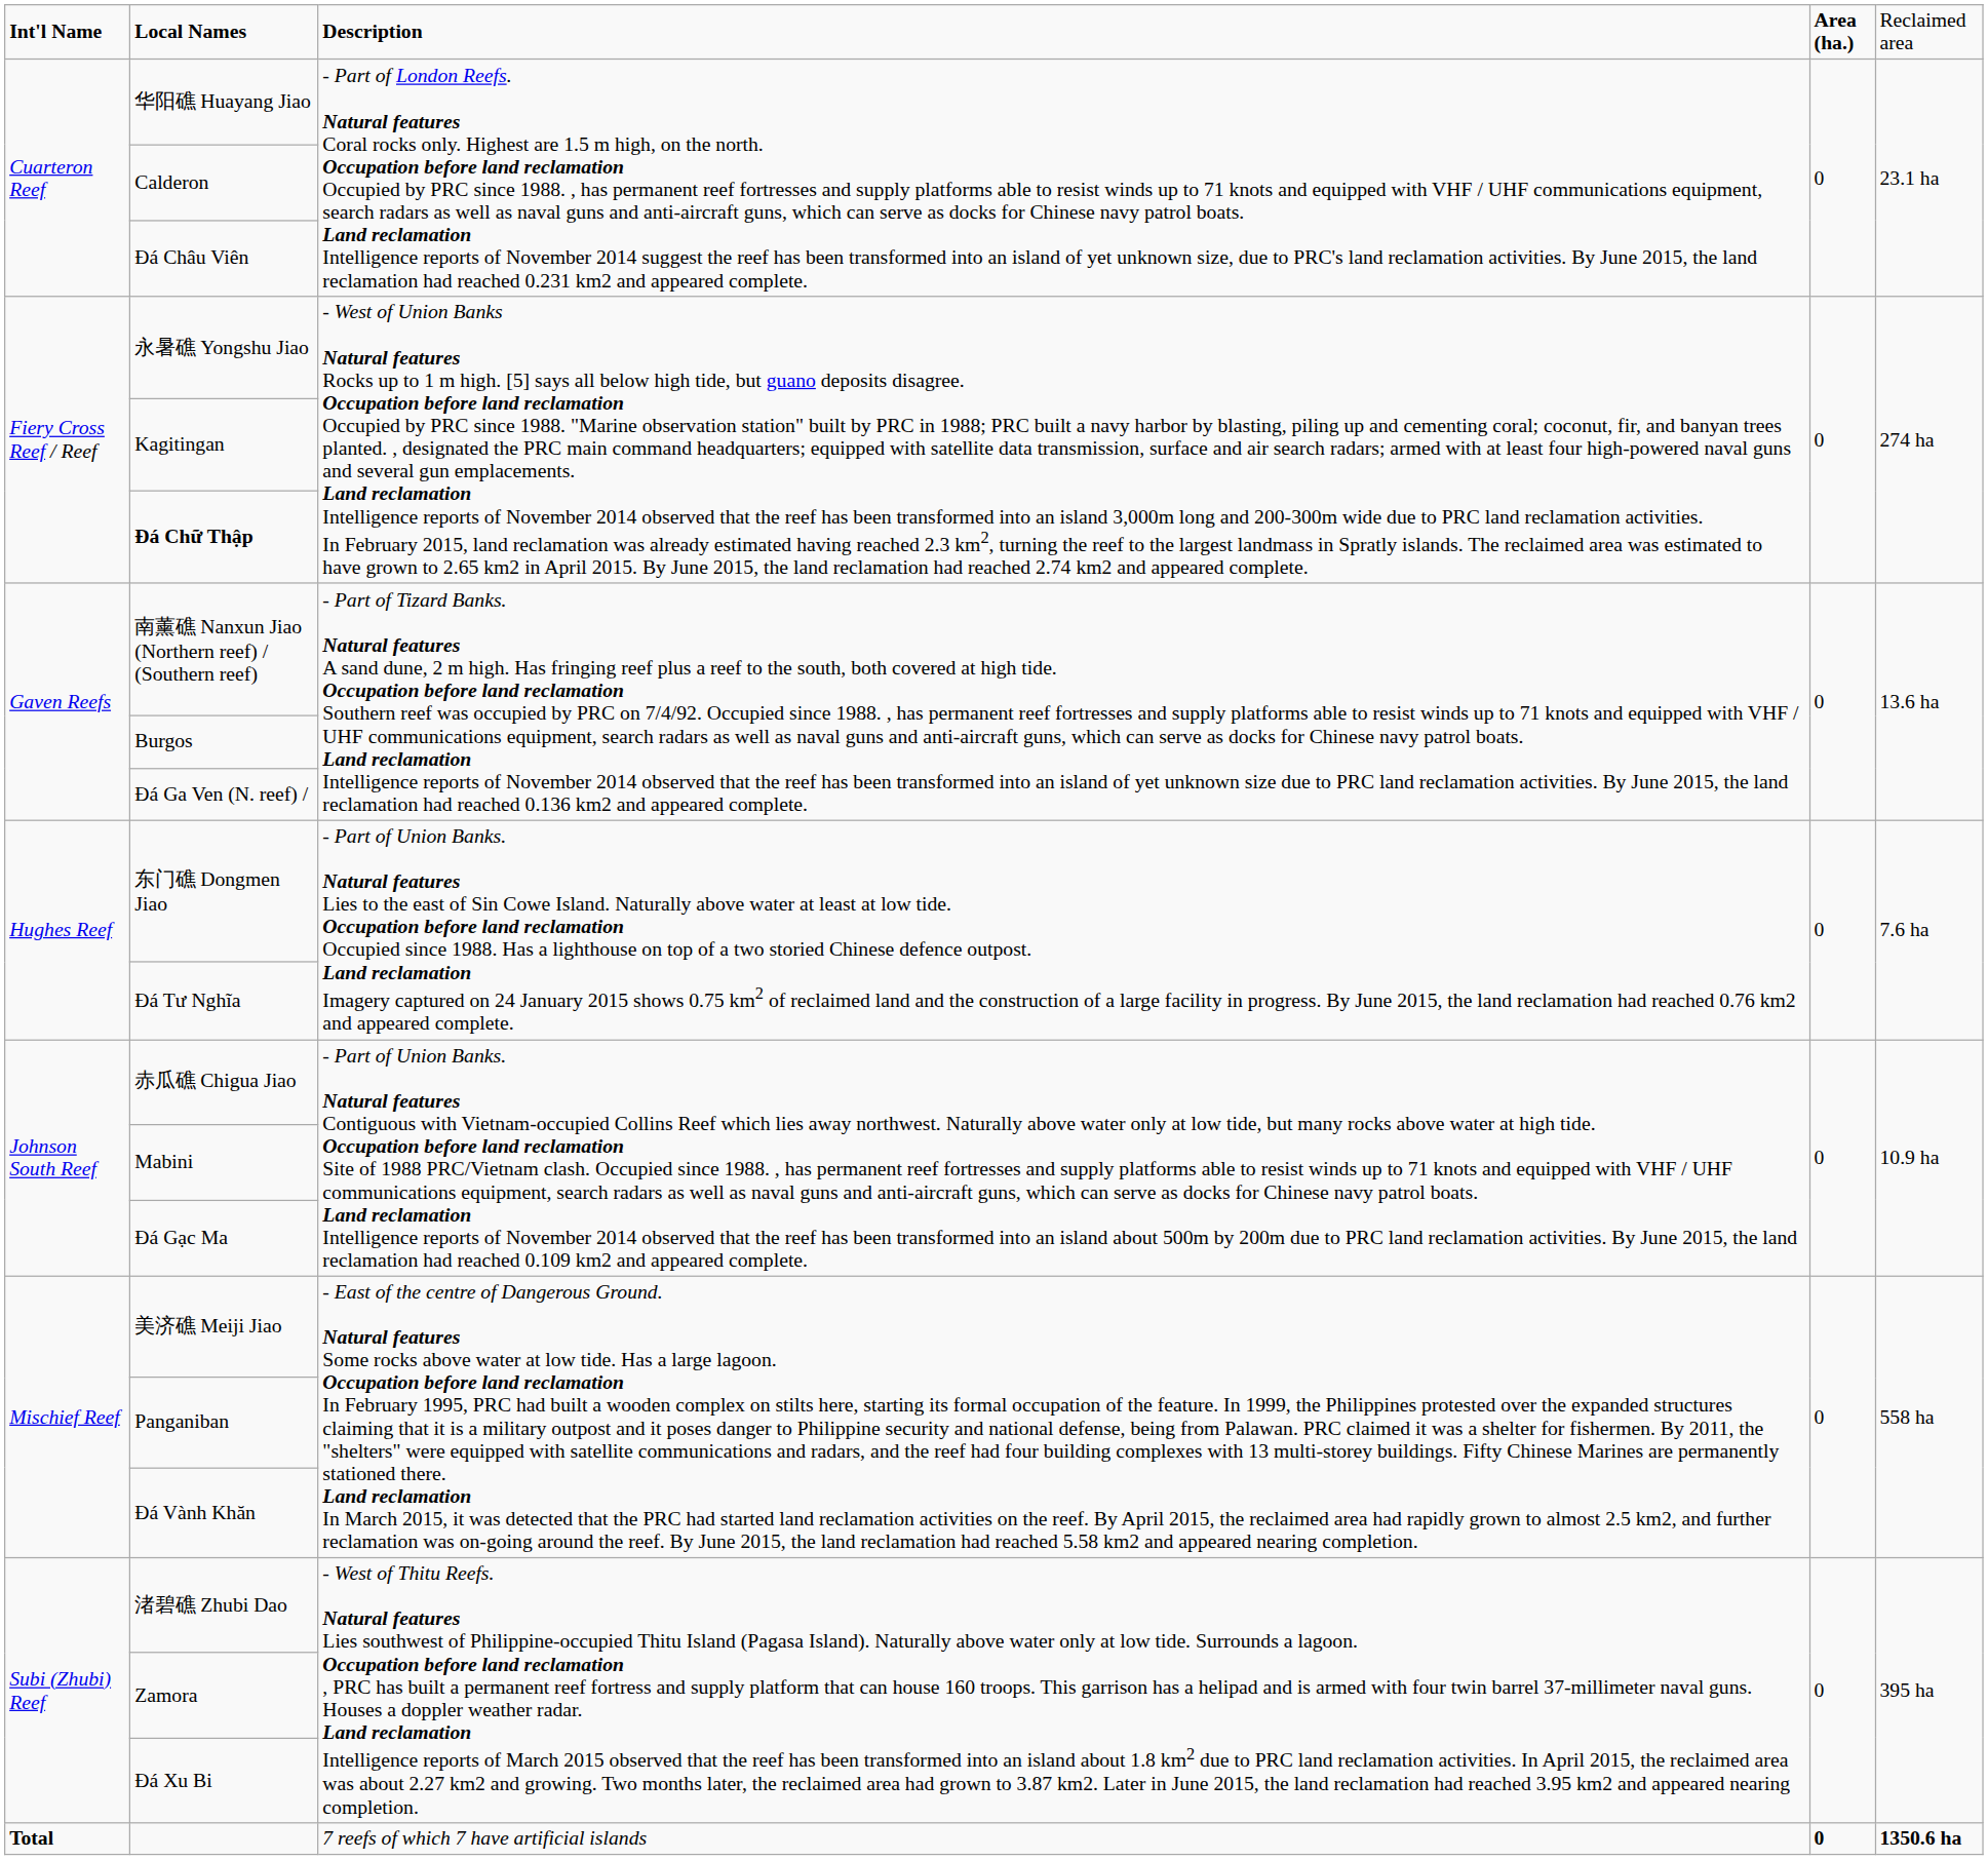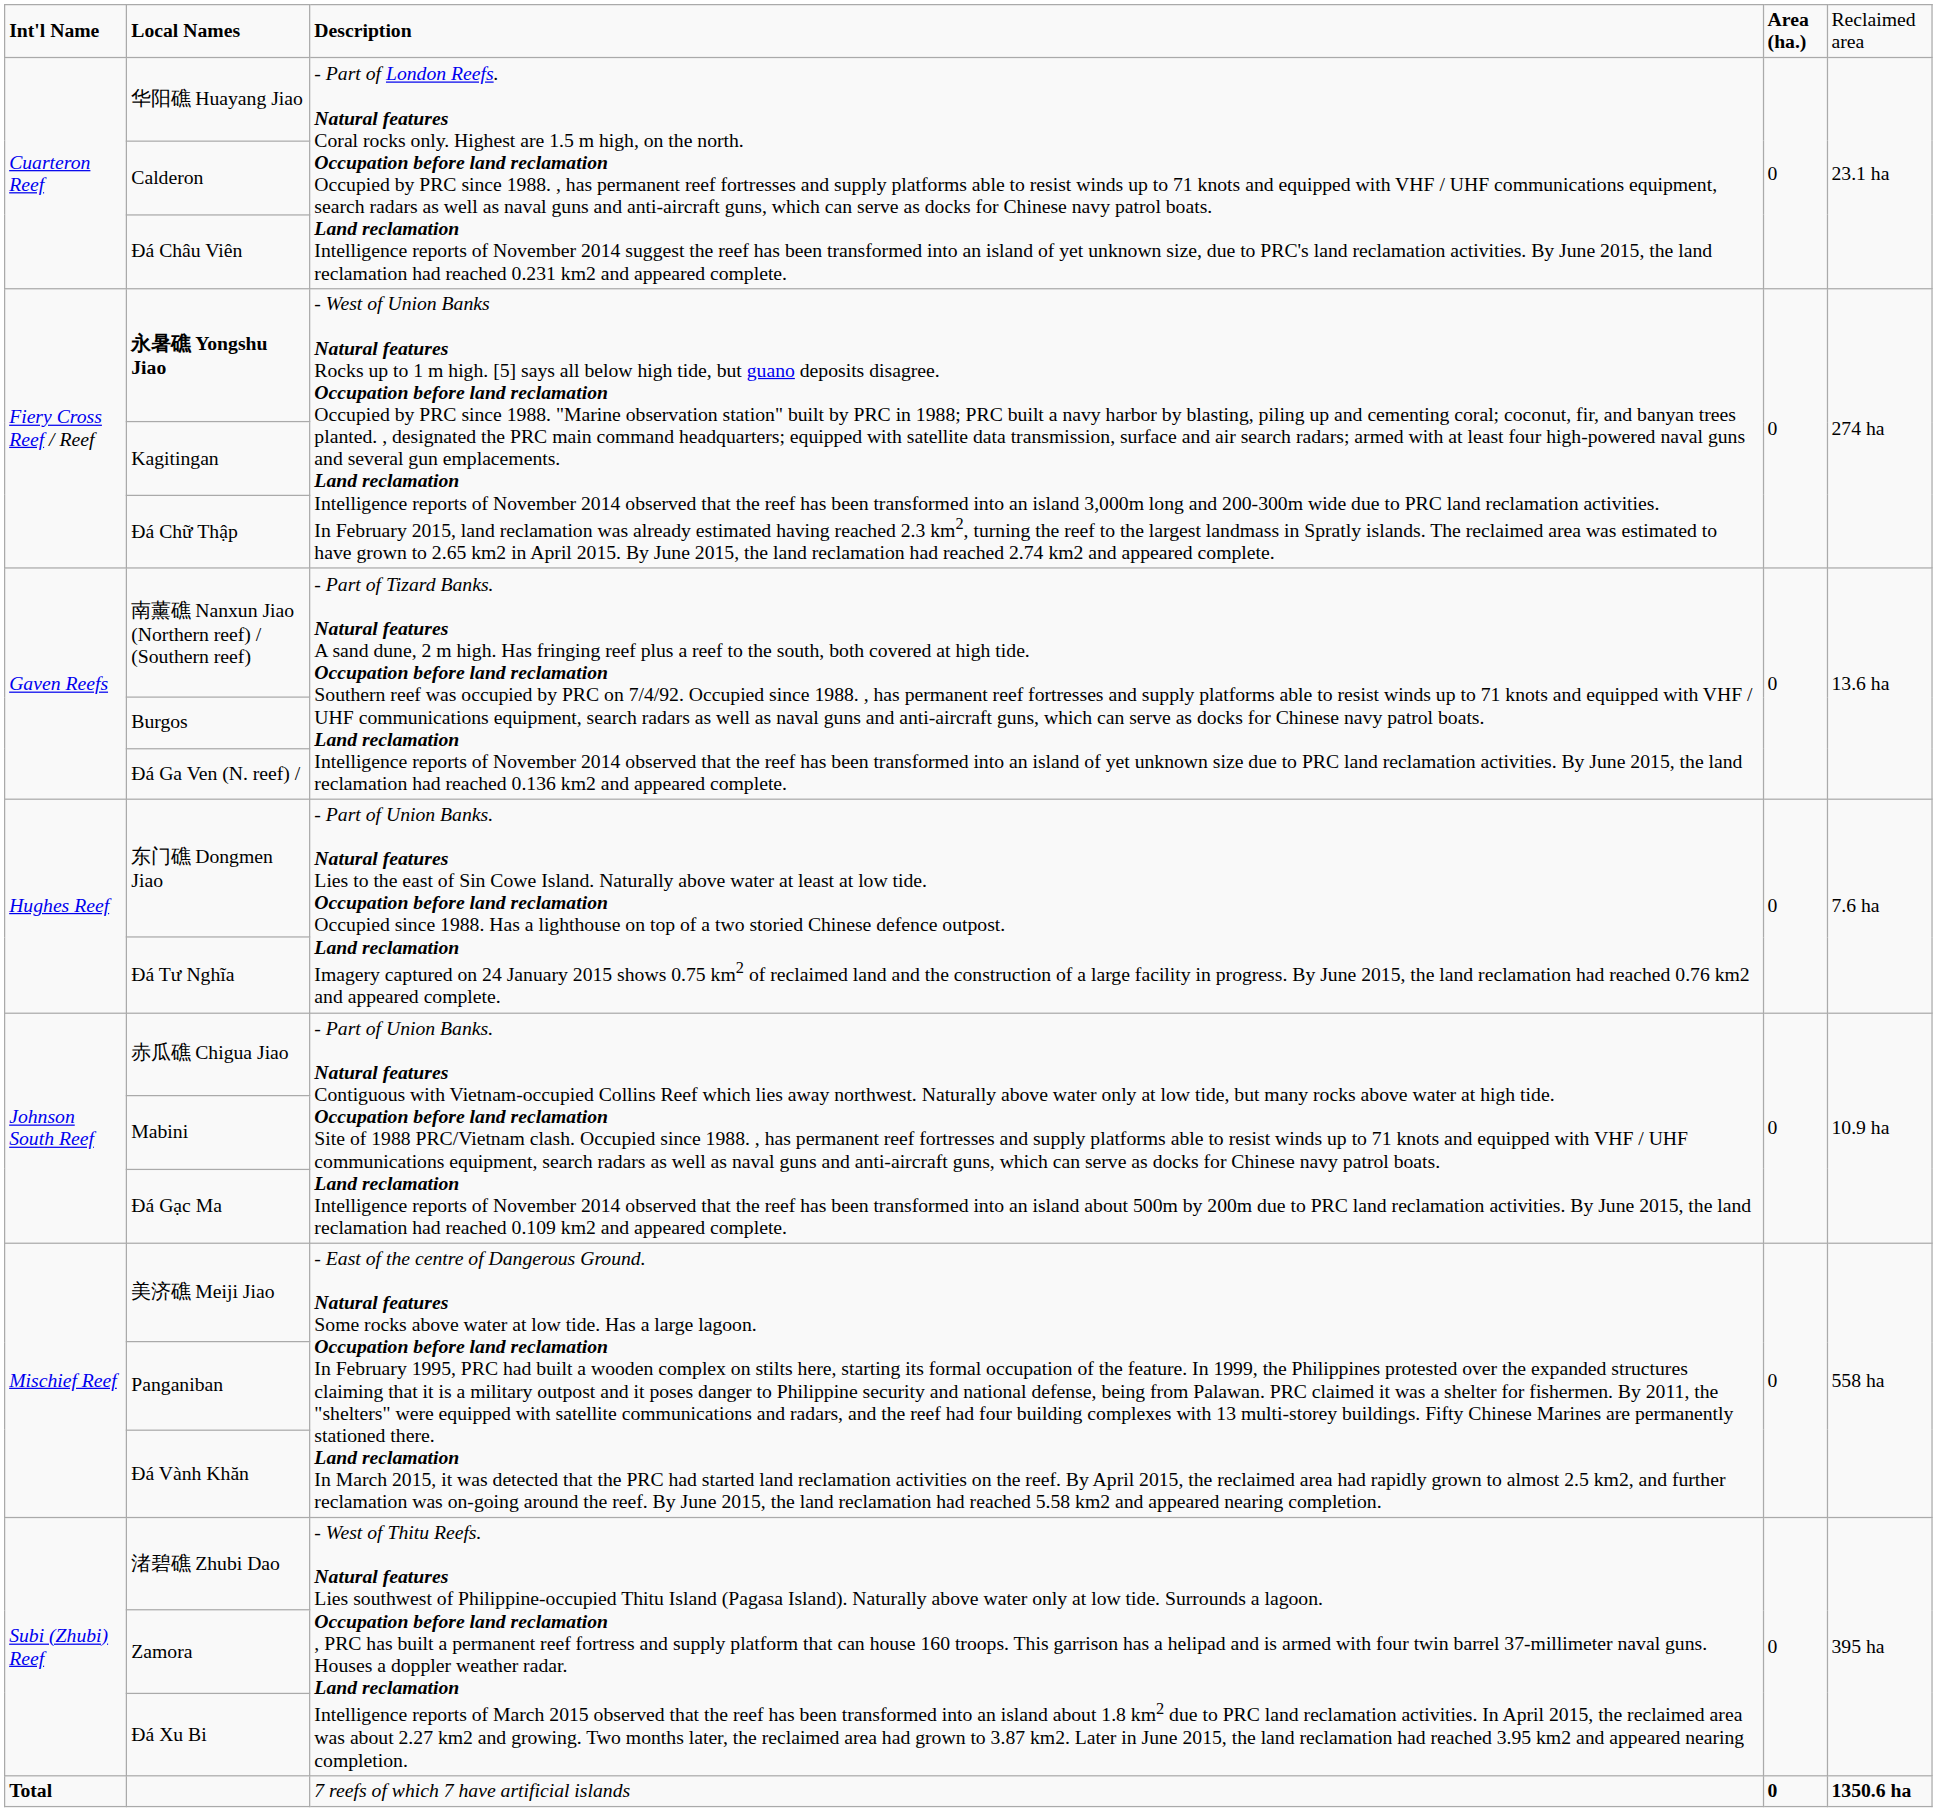 <table class="wikitable">
 <tr>
 <td><strong>Int'l Name</strong></td>
 <td><strong>Local Names</strong></td>
 <td><strong>Description</strong></td>
 <td><strong>Area (ha.)</strong></td>
 <td>Reclaimed area</td>
 </tr>
 <tr>
 <td rowspan="3"><em><a href='#'>Cuarteron Reef</a></em></td>
 <td> 华阳礁 Huayang Jiao</td>
 <td rowspan="3"> - <em>Part of <a href='#'>London Reefs</a>.</em><br><br><strong><em>Natural features</em></strong><br> Coral rocks only. Highest are 1.5 m high, on the north.<br> <strong><em>Occupation before land reclamation</em></strong><br> Occupied by PRC since 1988. , has permanent reef fortresses and supply platforms able to resist winds up to 71 knots and equipped with VHF / UHF communications equipment, search radars as well as naval guns and anti-aircraft guns, which can serve as docks for Chinese navy patrol boats.<br> <strong><em>Land reclamation</em></strong><br> Intelligence reports of November 2014 suggest the reef has been transformed into an island of yet unknown size, due to PRC's land reclamation activities. By June 2015, the land reclamation had reached 0.231 km2 and appeared complete.</td>
 <td rowspan="3">0</td>
 <td rowspan="3">23.1 ha</td>
 </tr>
 <tr>
 <td> Calderon</td>
 </tr>
 <tr>
 <td> Đá Châu Viên</td>
 </tr>
 <tr>
 <td rowspan="3"><em><a href='#'>Fiery Cross Reef</a> /  Reef</em></td>
-<td> 永暑礁 Yongshu Jiao</td>
+<td><strong> 永暑礁 Yongshu Jiao</strong></td>
 <td rowspan="3"> - <em>West of Union Banks</em><br><br><strong><em>Natural features</em></strong><br> Rocks up to 1 m high. [5] says all below high tide, but <a href='#'>guano</a> deposits disagree. <br> <strong><em>Occupation before land reclamation</em></strong><br> Occupied  by PRC since 1988. "Marine observation station" built by PRC in 1988; PRC built a navy harbor by blasting, piling up and cementing coral; coconut, fir, and banyan trees planted. , designated the PRC main command headquarters; equipped with satellite data transmission, surface and air search radars; armed with at least four high-powered naval guns and several gun emplacements.<br> <strong><em>Land reclamation</em></strong><br> Intelligence reports of November 2014 observed that the reef has been transformed into an island 3,000m long and 200-300m wide due to PRC land reclamation activities.<br> In February 2015, land reclamation was already estimated having reached 2.3 km<sup>2</sup>, turning the reef to the largest landmass in Spratly islands. The reclaimed area was estimated to have grown to 2.65 km2 in April 2015. By June 2015, the land reclamation had reached 2.74 km2 and appeared complete.</td>
 <td rowspan="3">0</td>
 <td rowspan="3">274 ha</td>
 </tr>
 <tr>
 <td> Kagitingan</td>
 </tr>
 <tr>
-<td><strong> Đá Chữ Thập</strong></td>
+<td> Đá Chữ Thập</td>
 </tr>
 <tr>
 <td rowspan="3"><em><a href='#'>Gaven Reefs</a></em></td>
 <td> 南薰礁 Nanxun Jiao (Northern reef) / <br>(Southern reef)</td>
 <td rowspan="3"> - <em>Part of Tizard Banks.</em><br><br><strong><em>Natural features</em></strong><br> A sand dune, 2 m high. Has fringing reef plus a reef  to the south, both covered at high tide.<br> <strong><em>Occupation before land reclamation</em></strong><br> Southern reef was occupied by PRC on 7/4/92. Occupied since 1988. , has permanent reef fortresses and supply platforms able to resist winds up to 71 knots and equipped with VHF / UHF communications equipment, search radars as well as naval guns and anti-aircraft guns, which can serve as docks for Chinese navy patrol boats. <br> <strong><em>Land reclamation</em></strong><br> Intelligence reports of November 2014 observed that the reef has been transformed into an island of yet unknown size due to PRC land reclamation activities. By June 2015, the land reclamation had reached 0.136 km2 and appeared complete.</td>
 <td rowspan="3">0</td>
 <td rowspan="3">13.6 ha</td>
 </tr>
 <tr>
 <td> Burgos</td>
 </tr>
 <tr>
 <td> Đá Ga Ven (N. reef) / </td>
 </tr>
 <tr>
 <td rowspan="2"><em><a href='#'>Hughes Reef</a></em></td>
 <td> 东门礁 Dongmen Jiao</td>
 <td rowspan="2"> - <em>Part of Union Banks.</em><br><br><strong><em>Natural features</em></strong><br> Lies  to the east of Sin Cowe Island. Naturally above water at least at low tide.<br> <strong><em>Occupation before land reclamation</em></strong><br> Occupied since 1988. Has a lighthouse on top of a two storied Chinese defence outpost.<br> <strong><em>Land reclamation</em></strong><br> Imagery captured on 24 January 2015 shows 0.75 km<sup>2</sup> of reclaimed land and the construction of a large facility in progress. By June 2015, the land reclamation had reached 0.76 km2 and appeared complete.</td>
 <td rowspan="2">0</td>
 <td rowspan="2">7.6 ha</td>
 </tr>
 <tr>
 <td> Đá Tư Nghĩa</td>
 </tr>
 <tr>
 <td rowspan="3"><em><a href='#'>Johnson South Reef</a></em></td>
 <td> 赤瓜礁 Chigua Jiao</td>
 <td rowspan="3"> - <em>Part of Union Banks.</em><br><br><strong><em>Natural features</em></strong><br> Contiguous with Vietnam-occupied Collins Reef which lies  away northwest. Naturally above water only at low tide, but many rocks above water at high tide.<br> <strong><em>Occupation before land reclamation</em></strong><br> Site of 1988 PRC/Vietnam clash. Occupied since 1988. , has permanent reef fortresses and supply platforms able to resist winds up to 71 knots and equipped with VHF / UHF communications equipment, search radars as well as naval guns and anti-aircraft guns, which can serve as docks for Chinese navy patrol boats. <br> <strong><em>Land reclamation</em></strong><br> Intelligence reports of November 2014 observed that the reef has been transformed into an island about 500m by 200m due to PRC land reclamation activities. By June 2015, the land reclamation had reached 0.109 km2 and appeared complete.</td>
 <td rowspan="3">0</td>
 <td rowspan="3">10.9 ha</td>
 </tr>
 <tr>
 <td> Mabini</td>
 </tr>
 <tr>
 <td> Đá Gạc Ma</td>
 </tr>
 <tr>
 <td rowspan="3"><em><a href='#'>Mischief Reef</a></em></td>
 <td> 美济礁 Meiji Jiao</td>
 <td rowspan="3"> - <em>East of the centre of Dangerous Ground.</em><br><br><strong><em>Natural features</em></strong><br> Some rocks above water at low tide. Has a large lagoon.<br> <strong><em>Occupation before land reclamation</em></strong><br> In February 1995, PRC had built a wooden complex on stilts here, starting its formal occupation of the feature. In 1999, the Philippines protested over the expanded structures claiming that it is a military outpost and it poses danger to Philippine security and national defense, being  from Palawan. PRC claimed it was a shelter for fishermen.  By 2011, the "shelters" were equipped with satellite communications and radars, and the reef had four building complexes with 13 multi-storey buildings. Fifty Chinese Marines are permanently stationed there.<br> <strong><em>Land reclamation</em></strong><br> In March 2015, it was detected that the PRC had started land reclamation activities on the reef. By April 2015, the reclaimed area had rapidly grown to almost 2.5 km2, and further reclamation was on-going around the reef.  By June 2015, the land reclamation had reached 5.58 km2 and appeared nearing completion.</td>
 <td rowspan="3">0</td>
 <td rowspan="3">558 ha</td>
 </tr>
 <tr>
 <td> Panganiban</td>
 </tr>
 <tr>
 <td nowrap> Đá Vành Khăn</td>
 </tr>
 <tr>
 <td rowspan="3"><em><a href='#'>Subi (Zhubi) Reef</a></em> </td>
 <td> 渚碧礁 Zhubi Dao</td>
 <td rowspan="3"> - <em>West of Thitu Reefs.</em><br><br><strong><em>Natural features</em></strong><br> Lies  southwest of Philippine-occupied Thitu Island (Pagasa Island). Naturally above water only at low tide. Surrounds a lagoon.<br> <strong><em>Occupation before land reclamation</em></strong><br> , PRC has built a permanent reef fortress and supply platform that can house 160 troops. This garrison has a helipad and is armed with four twin barrel 37-millimeter naval guns. Houses a doppler weather radar.<br> <strong><em>Land reclamation</em></strong><br> Intelligence reports of March 2015 observed that the reef has been transformed into an island about 1.8 km<sup>2</sup> due to PRC land reclamation activities. In April 2015, the reclaimed area was about 2.27 km2 and growing. Two months later, the reclaimed area had grown to 3.87 km2. Later in June 2015, the land reclamation had reached 3.95 km2 and appeared nearing completion.</td>
 <td rowspan="3">0</td>
 <td rowspan="3">395 ha</td>
 </tr>
 <tr>
 <td> Zamora</td>
 </tr>
 <tr>
 <td> Đá Xu Bi</td>
 </tr>
 <tr>
 <td><strong>Total</strong></td>
 <td></td>
 <td><em>7 reefs of which 7 have artificial islands</em></td>
 <td><strong>0</strong></td>
 <td><strong>1350.6 ha</strong></td>
 </tr>
 </table>
